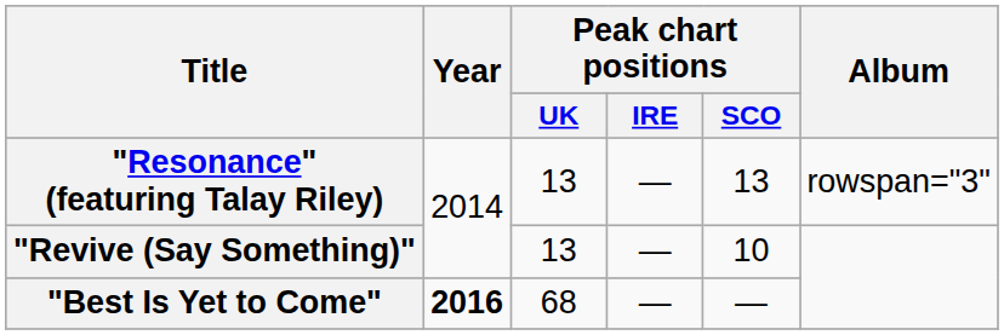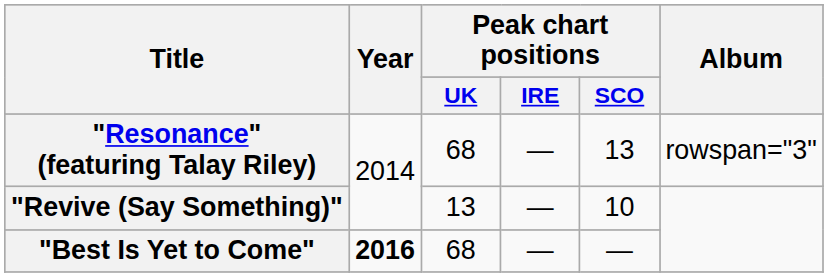 <table class="wikitable plainrowheaders" style="text-align:center;">
 <tr>
 <th scope="col" rowspan="2">Title</th>
 <th scope="col" rowspan="2">Year</th>
 <th scope="col" colspan="3">Peak chart positions</th>
 <th scope="col" rowspan="2">Album</th>
 </tr>
 <tr>
 <th scope="col" style="width:3em;font-size:85%;"><a href='#'>UK</a></th>
 <th scope="col" style="width:3em;font-size:85%;"><a href='#'>IRE</a></th>
 <th scope="col" style="width:3em;font-size:85%;"><a href='#'>SCO</a></th>
 </tr>
 <tr>
 <th scope="row">"<a href='#'>Resonance</a>"<br><span>(featuring Talay Riley)</span></th>
 <td rowspan="2">2014</td>
-<td>13</td>
+<td>68</td>
 <td>—</td>
 <td>13</td>
 <td>rowspan="3" </td>
 </tr>
 <tr>
 <th scope="row">"Revive (Say Something)"</th>
 <td>13</td>
 <td>—</td>
 <td>10</td>
 </tr>
 <tr>
 <th scope="row">"Best Is Yet to Come"</th>
 <td><strong>2016</strong></td>
 <td>68</td>
 <td>—</td>
 <td>—</td>
 </tr>
 </table>
